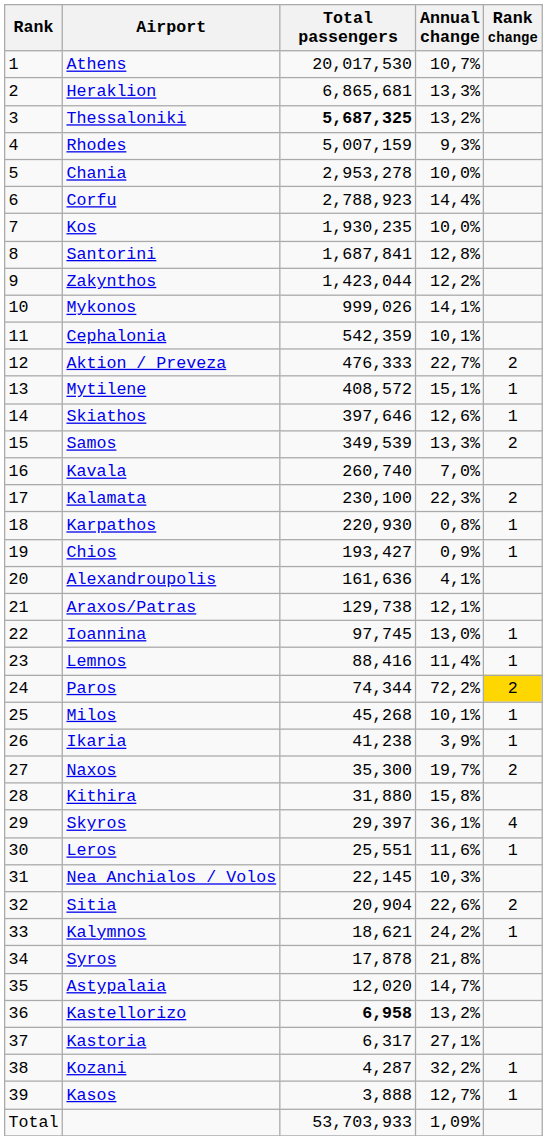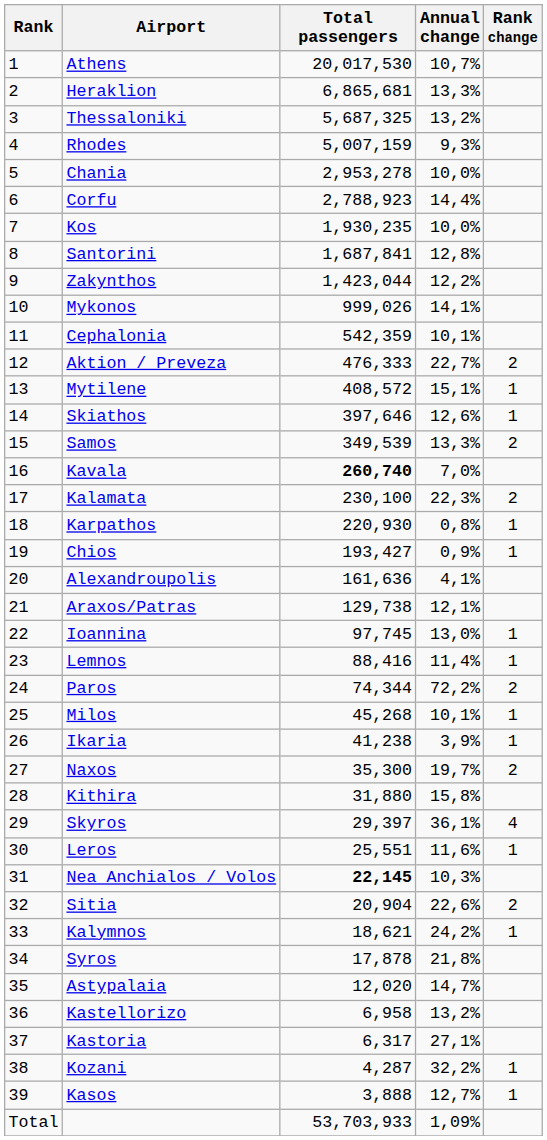 <table class="wikitable">
 <tr>
 <th>Rank</th>
 <th>Airport</th>
 <th style="width:100px">Total<br>passengers</th>
 <th>Annual<br>change</th>
 <th>Rank<br><small>change</small></th>
 </tr>
 <tr>
 <td>1</td>
 <td><a href='#'>Athens</a></td>
 <td align="right">20,017,530</td>
 <td align="right">10,7%</td>
 <td align="center"></td>
 </tr>
 <tr>
 <td>2</td>
 <td><a href='#'>Heraklion</a></td>
 <td align="right">6,865,681</td>
 <td align="right">13,3%</td>
 <td align="center"></td>
 </tr>
 <tr>
 <td>3</td>
 <td><a href='#'>Thessaloniki</a></td>
-<td align="right"><strong>5,687,325</strong></td>
+<td align="right">5,687,325</td>
 <td align="right">13,2%</td>
 <td align="center"></td>
 </tr>
 <tr>
 <td>4</td>
 <td><a href='#'>Rhodes</a></td>
 <td align="right">5,007,159</td>
 <td align="right">9,3%</td>
 <td align="center"></td>
 </tr>
 <tr>
 <td>5</td>
 <td><a href='#'>Chania</a></td>
 <td align="right">2,953,278</td>
 <td align="right">10,0%</td>
 <td align="center"></td>
 </tr>
 <tr>
 <td>6</td>
 <td><a href='#'>Corfu</a></td>
 <td align="right">2,788,923</td>
 <td align="right">14,4%</td>
 <td align="center"></td>
 </tr>
 <tr>
 <td>7</td>
 <td><a href='#'>Kos</a></td>
 <td align="right">1,930,235</td>
 <td align="right">10,0%</td>
 <td align="center"></td>
 </tr>
 <tr>
 <td>8</td>
 <td><a href='#'>Santorini</a></td>
 <td align="right">1,687,841</td>
 <td align="right">12,8%</td>
 <td align="center"></td>
 </tr>
 <tr>
 <td>9</td>
 <td><a href='#'>Zakynthos</a></td>
 <td align="right">1,423,044</td>
 <td align="right">12,2%</td>
 <td align="center"></td>
 </tr>
 <tr>
 <td>10</td>
 <td><a href='#'>Mykonos</a></td>
 <td align="right">999,026</td>
 <td align="right">14,1%</td>
 <td align="center"></td>
 </tr>
 <tr>
 <td>11</td>
 <td><a href='#'>Cephalonia</a></td>
 <td align="right">542,359</td>
 <td align="right">10,1%</td>
 <td align="center"></td>
 </tr>
 <tr>
 <td>12</td>
 <td><a href='#'>Aktion / Preveza</a></td>
 <td align="right">476,333</td>
 <td align="right">22,7%</td>
 <td align="center">2</td>
 </tr>
 <tr>
 <td>13</td>
 <td><a href='#'>Mytilene</a></td>
 <td align="right">408,572</td>
 <td align="right">15,1%</td>
 <td align="center">1</td>
 </tr>
 <tr>
 <td>14</td>
 <td><a href='#'>Skiathos</a></td>
 <td align="right">397,646</td>
 <td align="right">12,6%</td>
 <td align="center">1</td>
 </tr>
 <tr>
 <td>15</td>
 <td><a href='#'>Samos</a></td>
 <td align="right">349,539</td>
 <td align="right">13,3%</td>
 <td align="center">2</td>
 </tr>
 <tr>
 <td>16</td>
 <td><a href='#'>Kavala</a></td>
-<td align="right">260,740</td>
+<td align="right"><strong>260,740</strong></td>
 <td align="right">7,0%</td>
 <td align="center"></td>
 </tr>
 <tr>
 <td>17</td>
 <td><a href='#'>Kalamata</a></td>
 <td align="right">230,100</td>
 <td align="right">22,3%</td>
 <td align="center">2</td>
 </tr>
 <tr>
 <td>18</td>
 <td><a href='#'>Karpathos</a></td>
 <td align="right">220,930</td>
 <td align="right">0,8%</td>
 <td align="center">1</td>
 </tr>
 <tr>
 <td>19</td>
 <td><a href='#'>Chios</a></td>
 <td align="right">193,427</td>
 <td align="right">0,9%</td>
 <td align="center">1</td>
 </tr>
 <tr>
 <td>20</td>
 <td><a href='#'>Alexandroupolis</a></td>
 <td align="right">161,636</td>
 <td align="right">4,1%</td>
 <td align="center"></td>
 </tr>
 <tr>
 <td>21</td>
 <td><a href='#'>Araxos/Patras</a></td>
 <td align="right">129,738</td>
 <td align="right">12,1%</td>
 <td align="center"></td>
 </tr>
 <tr>
 <td>22</td>
 <td><a href='#'>Ioannina</a></td>
 <td align="right">97,745</td>
 <td align="right">13,0%</td>
 <td align="center">1</td>
 </tr>
 <tr>
 <td>23</td>
 <td><a href='#'>Lemnos</a></td>
 <td align="right">88,416</td>
 <td align="right">11,4%</td>
 <td align="center">1</td>
 </tr>
 <tr>
 <td>24</td>
 <td><a href='#'>Paros</a></td>
 <td align="right">74,344</td>
 <td align="right">72,2%</td>
-<td align="center" style="background: gold;">2</td>
+<td align="center">2</td>
 </tr>
 <tr>
 <td>25</td>
 <td><a href='#'>Milos</a></td>
 <td align="right">45,268</td>
 <td align="right">10,1%</td>
 <td align="center">1</td>
 </tr>
 <tr>
 <td>26</td>
 <td><a href='#'>Ikaria</a></td>
 <td align="right">41,238</td>
 <td align="right">3,9%</td>
 <td align="center">1</td>
 </tr>
 <tr>
 <td>27</td>
 <td><a href='#'>Naxos</a></td>
 <td align="right">35,300</td>
 <td align="right">19,7%</td>
 <td align="center">2</td>
 </tr>
 <tr>
 <td>28</td>
 <td><a href='#'>Kithira</a></td>
 <td align="right">31,880</td>
 <td align="right">15,8%</td>
 <td align="center"></td>
 </tr>
 <tr>
 <td>29</td>
 <td><a href='#'>Skyros</a></td>
 <td align="right">29,397</td>
 <td align="right">36,1%</td>
 <td align="center">4</td>
 </tr>
 <tr>
 <td>30</td>
 <td><a href='#'>Leros</a></td>
 <td align="right">25,551</td>
 <td align="right">11,6%</td>
 <td align="center">1</td>
 </tr>
 <tr>
 <td>31</td>
 <td><a href='#'>Nea Anchialos / Volos</a></td>
-<td align="right">22,145</td>
+<td align="right"><strong>22,145</strong></td>
 <td align="right">10,3%</td>
 <td align="center"></td>
 </tr>
 <tr>
 <td>32</td>
 <td><a href='#'>Sitia</a></td>
 <td align="right">20,904</td>
 <td align="right">22,6%</td>
 <td align="center">2</td>
 </tr>
 <tr>
 <td>33</td>
 <td><a href='#'>Kalymnos</a></td>
 <td align="right">18,621</td>
 <td align="right">24,2%</td>
 <td align="center">1</td>
 </tr>
 <tr>
 <td>34</td>
 <td><a href='#'>Syros</a></td>
 <td align="right">17,878</td>
 <td align="right">21,8%</td>
 <td align="center"></td>
 </tr>
 <tr>
 <td>35</td>
 <td><a href='#'>Astypalaia</a></td>
 <td align="right">12,020</td>
 <td align="right">14,7%</td>
 <td align="center"></td>
 </tr>
 <tr>
 <td>36</td>
 <td><a href='#'>Kastellorizo</a></td>
-<td align="right"><strong>6,958</strong></td>
+<td align="right">6,958</td>
 <td align="right">13,2%</td>
 <td align="center"></td>
 </tr>
 <tr>
 <td>37</td>
 <td><a href='#'>Kastoria</a></td>
 <td align="right">6,317</td>
 <td align="right">27,1%</td>
 <td align="center"></td>
 </tr>
 <tr>
 <td>38</td>
 <td><a href='#'>Kozani</a></td>
 <td align="right">4,287</td>
 <td align="right">32,2%</td>
 <td align="center">1</td>
 </tr>
 <tr>
 <td>39</td>
 <td><a href='#'>Kasos</a></td>
 <td align="right">3,888</td>
 <td align="right">12,7%</td>
 <td align="center">1</td>
 </tr>
 <tr>
 <td>Total</td>
 <td></td>
 <td align="right">53,703,933</td>
 <td align="right">1,09%</td>
 <td align="center"></td>
 </tr>
 <tr>
 </tr>
 </table>
